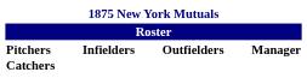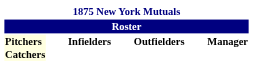 <table class="toccolours" style="font-size: 95%;">
 <tr>
 <th colspan="10" style="background-color: white; color: navy; text-align: center;">1875 New York Mutuals</th>
 </tr>
 <tr>
 <td colspan="10" style="background-color: navy; color: white; text-align: center;"><strong>Roster</strong></td>
 </tr>
 <tr>
-<td valign="top"><strong>Pitchers</strong><br> <strong>Catchers</strong>  </td>
+<td valign="top" style="background: lightyellow;"><strong>Pitchers</strong><br> <strong>Catchers</strong>  </td>
 <td width="25px"></td>
 <td valign="top"><strong>Infielders</strong><br>     </td>
 <td width="25px"></td>
 <td valign="top"><strong>Outfielders</strong><br>     </td>
 <td width="25px"></td>
 <td valign="top"><strong>Manager</strong><br></td>
 </tr>
 <tr>
 </tr>
 </table>
